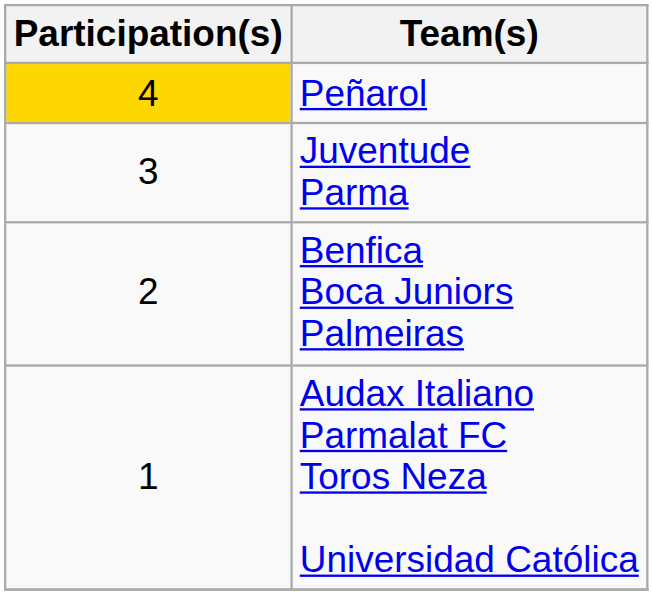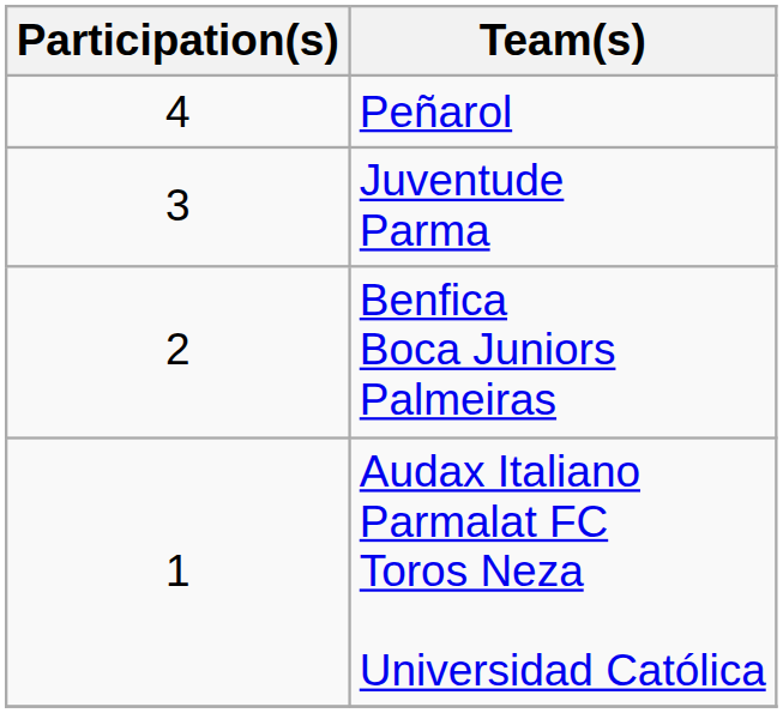 <table class="wikitable">
 <tr>
 <th>Participation(s)</th>
 <th>Team(s)</th>
 </tr>
 <tr>
-<td align=center style="background: gold;">4</td>
+<td align=center>4</td>
 <td align=left> <a href='#'>Peñarol</a></td>
 </tr>
 <tr>
 <td align=center>3</td>
 <td align=left> <a href='#'>Juventude</a><br> <a href='#'>Parma</a></td>
 </tr>
 <tr>
 <td align=center>2</td>
 <td align=left> <a href='#'>Benfica</a><br> <a href='#'>Boca Juniors</a><br> <a href='#'>Palmeiras</a></td>
 </tr>
 <tr>
 <td align=center>1</td>
 <td align=left> <a href='#'>Audax Italiano</a><br> <a href='#'>Parmalat FC</a><br> <a href='#'>Toros Neza</a><br><br> <a href='#'>Universidad Católica</a></td>
 </tr>
 <tr>
 </tr>
 </table>
